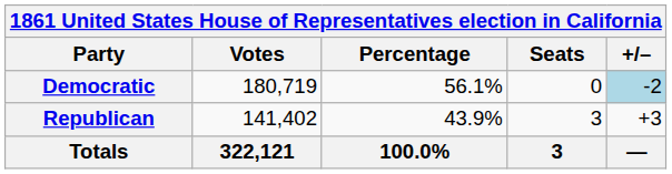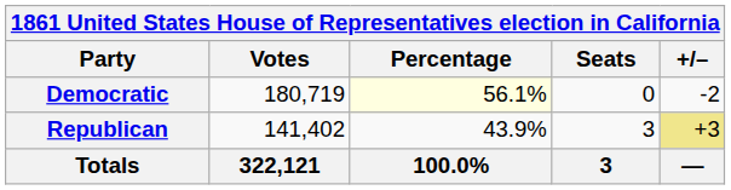 <table class=wikitable>
 <tr>
 <th colspan=6><a href='#'>1861 United States House of Representatives election in California</a></th>
 </tr>
 <tr>
 <th>Party</th>
 <th>Votes</th>
 <th>Percentage</th>
 <th>Seats</th>
 <th>+/–</th>
 </tr>
 <tr>
 <th><a href='#'>Democratic</a></th>
 <td align=right>180,719</td>
-<td align=right>56.1%</td>
+<td align=right style="background: lightyellow;">56.1%</td>
 <td align=right>0</td>
-<td align=right style="background: lightblue;">-2</td>
+<td align=right>-2</td>
 </tr>
 <tr>
 <th><a href='#'>Republican</a></th>
 <td align=right>141,402</td>
 <td align=right>43.9%</td>
 <td align=right>3</td>
-<td align=right>+3</td>
+<td align=right style="background: khaki;">+3</td>
 </tr>
 <tr>
 <th>Totals</th>
 <th>322,121</th>
 <th>100.0%</th>
 <th>3</th>
 <th>—</th>
 </tr>
 </table>
